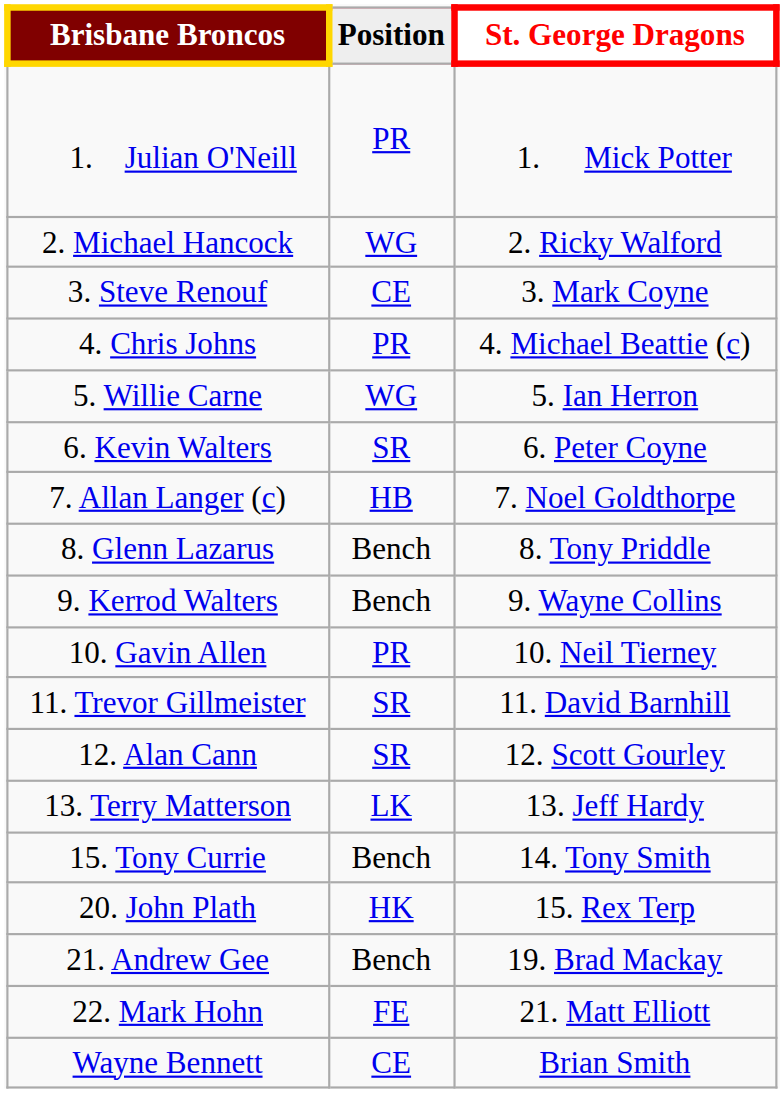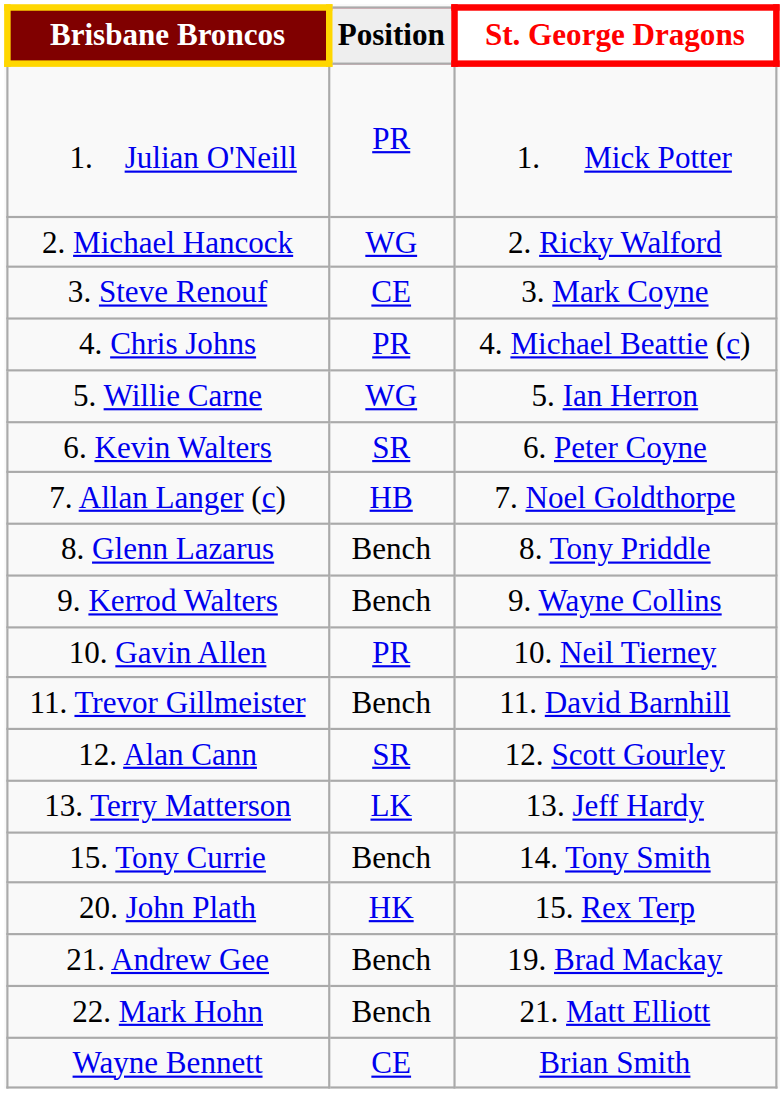 <table align="right" class="wikitable" style="font-size:90%; margin-left:1em">
 <tr bgcolor="#FF0033">
 <th style="width:140px; border:3px solid gold; background: maroon; color: white">Brisbane Broncos</th>
 <th style="width:40px; text-align:center; background:#eee; color:black;">Position</th>
 <th style="width:140px; border:3px solid red; background: white; color: red">St. George Dragons</th>
 </tr>
 <tr align=center>
 <td><br><ol><li><a href='#'>Julian O'Neill</a></li></ol></td>
 <td><a href='#'>PR</a></td>
 <td><br><ol><li><a href='#'>Mick Potter</a></li></ol></td>
 </tr>
 <tr align=center>
 <td>2. <a href='#'>Michael Hancock</a></td>
 <td><a href='#'>WG</a></td>
 <td>2. <a href='#'>Ricky Walford</a></td>
 </tr>
 <tr align=center>
 <td>3. <a href='#'>Steve Renouf</a></td>
 <td><a href='#'>CE</a></td>
 <td>3. <a href='#'>Mark Coyne</a></td>
 </tr>
 <tr align=center>
 <td>4. <a href='#'>Chris Johns</a></td>
 <td><a href='#'>PR</a></td>
 <td>4. <a href='#'>Michael Beattie</a> (<a href='#'>c</a>)</td>
 </tr>
 <tr align=center>
 <td>5. <a href='#'>Willie Carne</a></td>
 <td><a href='#'>WG</a></td>
 <td>5. <a href='#'>Ian Herron</a></td>
 </tr>
 <tr align=center>
 <td>6. <a href='#'>Kevin Walters</a></td>
 <td><a href='#'>SR</a></td>
 <td>6. <a href='#'>Peter Coyne</a></td>
 </tr>
 <tr align=center>
 <td>7. <a href='#'>Allan Langer</a> (<a href='#'>c</a>)</td>
 <td><a href='#'>HB</a></td>
 <td>7. <a href='#'>Noel Goldthorpe</a></td>
 </tr>
 <tr align=center>
 <td>8. <a href='#'>Glenn Lazarus</a></td>
 <td>Bench</td>
 <td>8. <a href='#'>Tony Priddle</a></td>
 </tr>
 <tr align=center>
 <td>9. <a href='#'>Kerrod Walters</a></td>
 <td>Bench</td>
 <td>9. <a href='#'>Wayne Collins</a></td>
 </tr>
 <tr align=center>
 <td>10. <a href='#'>Gavin Allen</a></td>
 <td><a href='#'>PR</a></td>
 <td>10. <a href='#'>Neil Tierney</a></td>
 </tr>
 <tr align=center>
 <td>11. <a href='#'>Trevor Gillmeister</a></td>
-<td><a href='#'>SR</a></td>
+<td>Bench</td>
 <td>11. <a href='#'>David Barnhill</a></td>
 </tr>
 <tr align=center>
 <td>12. <a href='#'>Alan Cann</a></td>
 <td><a href='#'>SR</a></td>
 <td>12. <a href='#'>Scott Gourley</a></td>
 </tr>
 <tr align=center>
 <td>13. <a href='#'>Terry Matterson</a></td>
 <td><a href='#'>LK</a></td>
 <td>13. <a href='#'>Jeff Hardy</a></td>
 </tr>
 <tr align=center>
 <td>15. <a href='#'>Tony Currie</a></td>
 <td>Bench</td>
 <td>14. <a href='#'>Tony Smith</a></td>
 </tr>
 <tr align=center>
 <td>20. <a href='#'>John Plath</a></td>
 <td><a href='#'>HK</a></td>
 <td>15. <a href='#'>Rex Terp</a></td>
 </tr>
 <tr align=center>
 <td>21. <a href='#'>Andrew Gee</a></td>
 <td>Bench</td>
 <td>19. <a href='#'>Brad Mackay</a></td>
 </tr>
 <tr align=center>
 <td>22. <a href='#'>Mark Hohn</a></td>
-<td><a href='#'>FE</a></td>
+<td>Bench</td>
 <td>21. <a href='#'>Matt Elliott</a></td>
 </tr>
 <tr align=center>
 <td><a href='#'>Wayne Bennett</a></td>
 <td><a href='#'>CE</a></td>
 <td><a href='#'>Brian Smith</a></td>
 </tr>
 </table>
